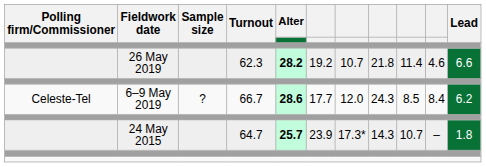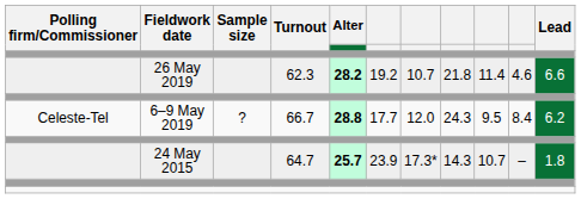 <table class="wikitable collapsible collapsed" style="text-align:center; font-size:95%; line-height:16px;">
 <tr style="height:42px;">
 <th style="width:250px;" rowspan="2">Polling firm/Commissioner</th>
 <th style="width:125px;" rowspan="2">Fieldwork date</th>
 <th style="width:50px;" rowspan="2">Sample size</th>
 <th style="width:45px;" rowspan="2">Turnout</th>
 <th style="width:35px; font-size:95%;">Alter</th>
 <th style="width:35px;"></th>
 <th style="width:35px;"></th>
 <th style="width:35px;"></th>
 <th style="width:35px;"></th>
 <th style="width:35px;"></th>
 <th style="width:30px;" rowspan="2">Lead</th>
 </tr>
 <tr>
 <th style="color:inherit;background:#087136;"></th>
 <th style="color:inherit;background:"></th>
 <th style="color:inherit;background:"></th>
 <th style="color:inherit;background:"></th>
 <th style="color:inherit;background:"></th>
 <th style="color:inherit;background:"></th>
 </tr>
 <tr>
 <td colspan="11" style="background:#A0A0A0"></td>
 </tr>
 <tr style="background:#EFEFEF;">
 <td><strong></strong></td>
 <td>26 May 2019</td>
 <td></td>
 <td>62.3</td>
 <td style="background:#C1FDDC;"><strong>28.2</strong><br></td>
 <td>19.2<br></td>
 <td>10.7<br></td>
 <td>21.8<br></td>
 <td>11.4<br></td>
 <td>4.6<br></td>
 <td style="background:#087136; color:white;">6.6</td>
 </tr>
 <tr>
 <td colspan="11" style="background:#A0A0A0"></td>
 </tr>
 <tr>
 <td>Celeste-Tel</td>
 <td>6–9 May 2019</td>
 <td>?</td>
 <td>66.7</td>
-<td style="background:#C1FDDC;"><strong>28.6</strong><br></td>
+<td style="background:#C1FDDC;"><strong>28.8</strong><br></td>
 <td>17.7<br></td>
 <td>12.0<br></td>
 <td>24.3<br></td>
-<td>8.5<br></td>
+<td>9.5<br></td>
 <td>8.4<br></td>
 <td style="background:#087136; color:white;">6.2</td>
 </tr>
 <tr>
 <td colspan="11" style="background:#A0A0A0"></td>
 </tr>
 <tr style="background:#EFEFEF;">
 <td><strong></strong></td>
 <td>24 May 2015</td>
 <td></td>
 <td>64.7</td>
 <td style="background:#C1FDDC;"><strong>25.7</strong><br></td>
 <td>23.9<br></td>
 <td>17.3*<br></td>
 <td>14.3<br></td>
 <td>10.7<br></td>
 <td>–</td>
 <td style="background:#087136; color:white;">1.8</td>
 </tr>
 <tr>
 <td colspan="11" style="background:#A0A0A0"></td>
 </tr>
 <tr>
 <td align="left" colspan="11"></td>
 </tr>
 </table>
